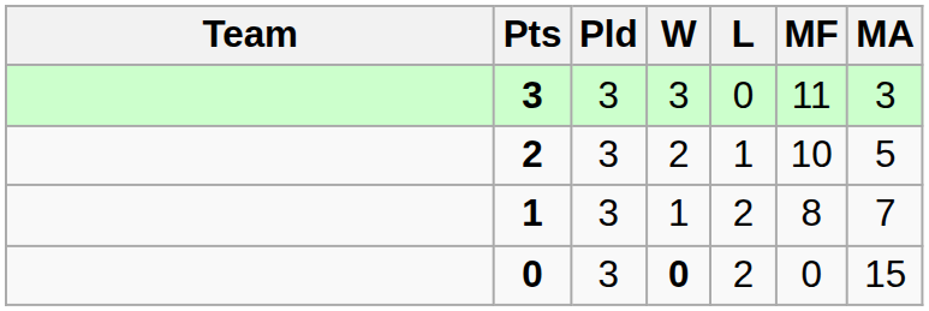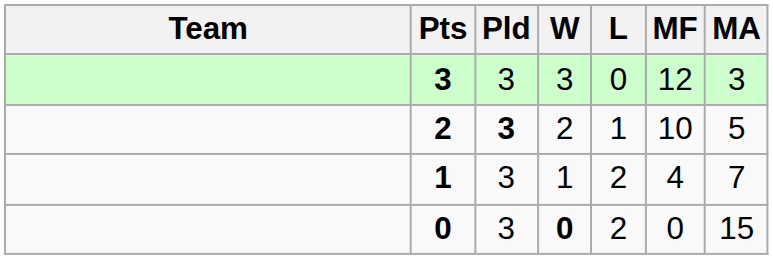 <table class=wikitable style="text-align:center">
 <tr>
 <th width=200>Team</th>
 <th width=20>Pts</th>
 <th width=20>Pld</th>
 <th width=20>W</th>
 <th width=20>L</th>
 <th width=20>MF</th>
 <th width=20>MA</th>
 </tr>
 <tr bgcolor=ccffcc>
 <td style="text-align:left"><strong></strong></td>
 <td><strong>3</strong></td>
 <td>3</td>
 <td>3</td>
 <td>0</td>
-<td>11</td>
+<td>12</td>
 <td>3</td>
 </tr>
 <tr>
 <td style="text-align:left"></td>
 <td><strong>2</strong></td>
-<td>3</td>
+<td><strong>3</strong></td>
 <td>2</td>
 <td>1</td>
 <td>10</td>
 <td>5</td>
 </tr>
 <tr>
 <td style="text-align:left"></td>
 <td><strong>1</strong></td>
 <td>3</td>
 <td>1</td>
 <td>2</td>
-<td>8</td>
+<td>4</td>
 <td>7</td>
 </tr>
 <tr>
 <td style="text-align:left"></td>
 <td><strong>0</strong></td>
 <td>3</td>
 <td><strong>0</strong></td>
 <td>2</td>
 <td>0</td>
 <td>15</td>
 </tr>
 </table>
